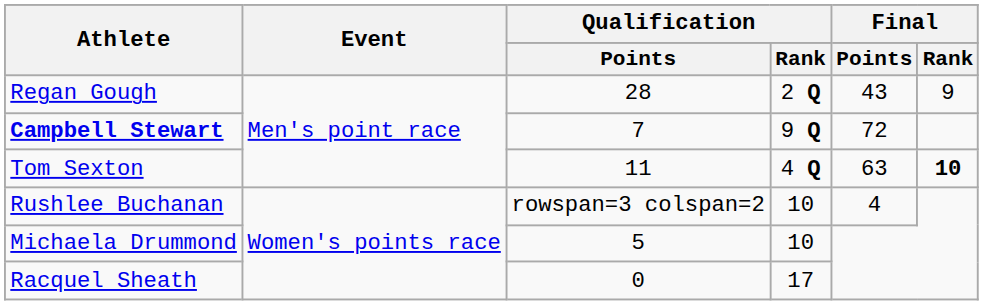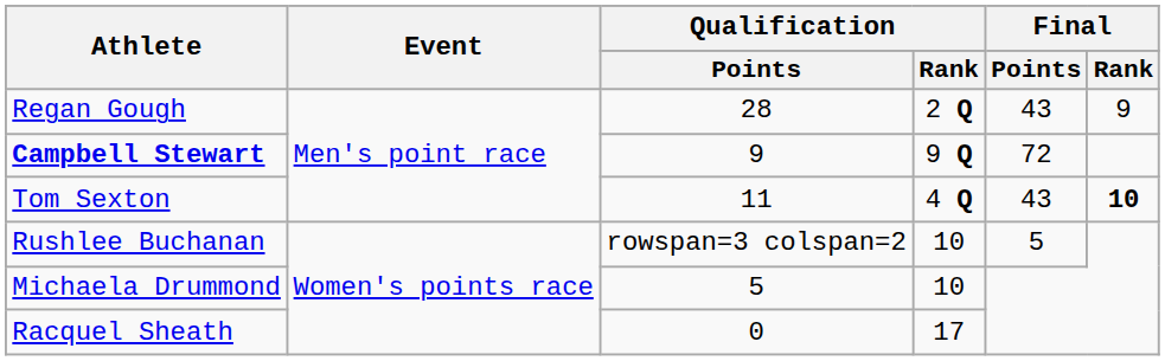 <table class="wikitable" style="font-size:90%;">
 <tr>
 <th rowspan=2>Athlete</th>
 <th rowspan=2>Event</th>
 <th colspan=2>Qualification</th>
 <th colspan=2>Final</th>
 </tr>
 <tr style="font-size:95%">
 <th>Points</th>
 <th>Rank</th>
 <th>Points</th>
 <th>Rank</th>
 </tr>
 <tr align=center>
 <td align=left><a href='#'>Regan Gough</a></td>
 <td align=left rowspan=3><a href='#'>Men's point race</a></td>
 <td>28</td>
 <td>2 <strong>Q</strong></td>
 <td>43</td>
 <td>9</td>
 </tr>
 <tr align=center>
 <td align=left><strong><a href='#'>Campbell Stewart</a></strong></td>
-<td>7</td>
+<td>9</td>
 <td>9 <strong>Q</strong></td>
 <td>72</td>
 <td></td>
 </tr>
 <tr align=center>
 <td align=left><a href='#'>Tom Sexton</a></td>
 <td>11</td>
 <td>4 <strong>Q</strong></td>
-<td>63</td>
+<td>43</td>
 <td><strong>10</strong></td>
 </tr>
 <tr align=center>
 <td align=left><a href='#'>Rushlee Buchanan</a></td>
 <td align=left rowspan=3><a href='#'>Women's points race</a></td>
 <td>rowspan=3 colspan=2 </td>
 <td>10</td>
-<td>4</td>
+<td>5</td>
 </tr>
 <tr align=center>
 <td align=left><a href='#'>Michaela Drummond</a></td>
 <td>5</td>
 <td>10</td>
 </tr>
 <tr align=center>
 <td align=left><a href='#'>Racquel Sheath</a></td>
 <td>0</td>
 <td>17</td>
 </tr>
 </table>
